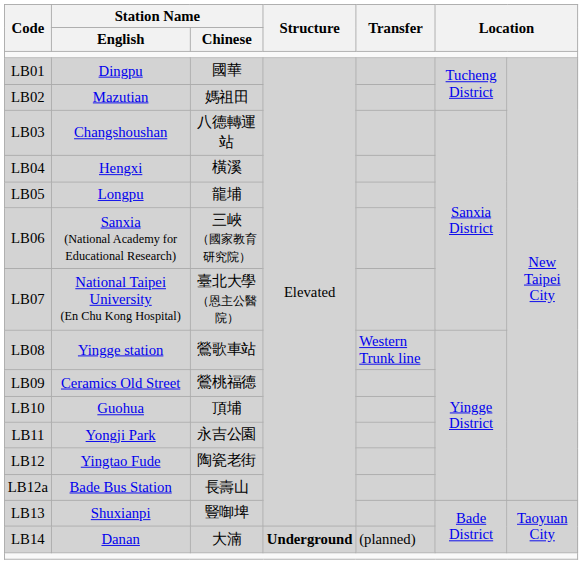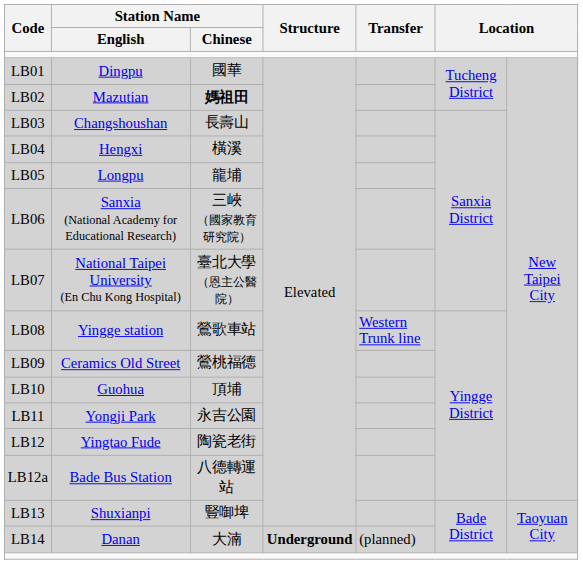 <table align=center border=1 cellspacing=0 class="wikitable" style="margin-left:auto; margin-right:auto;">
 <tr>
 <th rowspan="2">Code</th>
 <th colspan="2">Station Name</th>
 <th rowspan="2">Structure</th>
 <th rowspan="2">Transfer</th>
 <th colspan="2" rowspan="2">Location</th>
 </tr>
 <tr>
 <th>English</th>
 <th>Chinese</th>
 </tr>
 <tr align="center">
 <td colspan="7"></td>
 </tr>
 <tr align="center" bgcolor = "lightgrey">
 <td><span>LB01</span></td>
 <td><a href='#'>Dingpu</a></td>
 <td>國華</td>
 <td rowspan="14">Elevated</td>
 <td align="left"></td>
 <td rowspan="2"><a href='#'>Tucheng District</a></td>
 <td rowspan="13"><a href='#'>New Taipei City</a></td>
 </tr>
 <tr align=center bgcolor = "lightgrey">
 <td><span>LB02</span></td>
 <td><a href='#'>Mazutian</a></td>
-<td>媽祖田</td>
+<td><strong>媽祖田</strong></td>
 <td align=left></td>
 </tr>
 <tr align=center bgcolor = "lightgrey">
 <td><span>LB03</span></td>
 <td><a href='#'>Changshoushan</a></td>
-<td>八德轉運站</td>
+<td>長壽山</td>
 <td align="left"></td>
 <td rowspan=5><a href='#'>Sanxia District</a></td>
 </tr>
 <tr align=center bgcolor = "lightgrey">
 <td><span>LB04</span></td>
 <td><a href='#'>Hengxi</a></td>
 <td>橫溪</td>
 <td align=left></td>
 </tr>
 <tr align=center bgcolor = "lightgrey">
 <td><span>LB05</span></td>
 <td><a href='#'>Longpu</a></td>
 <td>龍埔</td>
 <td align=left></td>
 </tr>
 <tr align=center bgcolor = "lightgrey">
 <td><span>LB06</span></td>
 <td><a href='#'>Sanxia</a><br><small>(National Academy for Educational Research)</small></td>
 <td>三峽<br><small>（國家教育研究院）</small></td>
 <td align=left></td>
 </tr>
 <tr align=center bgcolor = "lightgrey">
 <td><span>LB07</span></td>
 <td><a href='#'>National Taipei University</a><br><small>(En Chu Kong Hospital)</small></td>
 <td>臺北大學<br><small>（恩主公醫院）</small></td>
 <td align=left></td>
 </tr>
 <tr align=center bgcolor = "lightgrey">
 <td><span>LB08</span></td>
 <td><a href='#'>Yingge station</a></td>
 <td>鶯歌車站</td>
 <td align="left"><a href='#'>Western Trunk line</a></td>
 <td rowspan=6><a href='#'>Yingge District</a></td>
 </tr>
 <tr align=center bgcolor = "lightgrey">
 <td><span>LB09</span></td>
 <td><a href='#'>Ceramics Old Street</a></td>
 <td>鶯桃福德</td>
 <td align=left></td>
 </tr>
 <tr align=center bgcolor = "lightgrey">
 <td><span>LB10</span></td>
 <td><a href='#'>Guohua</a></td>
 <td>頂埔</td>
 <td align=left></td>
 </tr>
 <tr align=center bgcolor = "lightgrey">
 <td><span>LB11</span></td>
 <td><a href='#'>Yongji Park</a></td>
 <td>永吉公園</td>
 <td align=left></td>
 </tr>
 <tr align=center bgcolor = "lightgrey">
 <td><span>LB12</span></td>
 <td><a href='#'>Yingtao Fude</a></td>
 <td>陶瓷老街</td>
 <td align=left></td>
 </tr>
 <tr align=center bgcolor = "lightgrey">
 <td><span>LB12a</span></td>
 <td><a href='#'>Bade Bus Station</a></td>
-<td>長壽山</td>
+<td>八德轉運站</td>
 <td align=left></td>
 </tr>
 <tr align=center bgcolor = "lightgrey">
 <td><span>LB13</span></td>
 <td><a href='#'>Shuxianpi</a></td>
 <td>豎啣埤</td>
 <td align="left"></td>
 <td rowspan="2"><a href='#'>Bade District</a></td>
 <td rowspan="2"><a href='#'>Taoyuan City</a></td>
 </tr>
 <tr align=center bgcolor = "lightgrey">
 <td><span>LB14</span></td>
 <td><a href='#'>Danan</a></td>
 <td>大湳</td>
 <td><strong>Underground</strong></td>
 <td align=left>  (planned)</td>
 </tr>
 <tr align="center">
 <td colspan="7"></td>
 </tr>
 </table>
